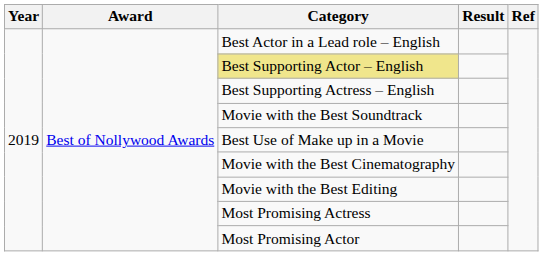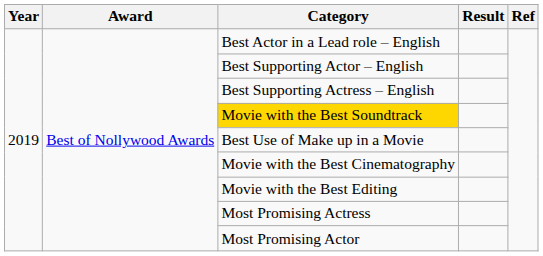 <table class="wikitable">
 <tr>
 <th>Year</th>
 <th>Award</th>
 <th>Category</th>
 <th>Result</th>
 <th>Ref</th>
 </tr>
 <tr>
 <td rowspan="9">2019</td>
 <td rowspan="9"><a href='#'>Best of Nollywood Awards</a></td>
 <td>Best Actor in a Lead role – English</td>
 <td></td>
 <td rowspan="9"></td>
 </tr>
 <tr>
-<td style="background: khaki;">Best Supporting Actor – English</td>
+<td>Best Supporting Actor – English</td>
 <td></td>
 </tr>
 <tr>
 <td>Best Supporting Actress – English</td>
 <td></td>
 </tr>
 <tr>
-<td>Movie with the Best Soundtrack</td>
+<td style="background: gold;">Movie with the Best Soundtrack</td>
 <td></td>
 </tr>
 <tr>
 <td>Best Use of Make up in a Movie</td>
 <td></td>
 </tr>
 <tr>
 <td>Movie with the Best Cinematography</td>
 <td></td>
 </tr>
 <tr>
 <td>Movie with the Best Editing</td>
 <td></td>
 </tr>
 <tr>
 <td>Most Promising Actress</td>
 <td></td>
 </tr>
 <tr>
 <td>Most Promising Actor</td>
 <td></td>
 </tr>
 </table>
